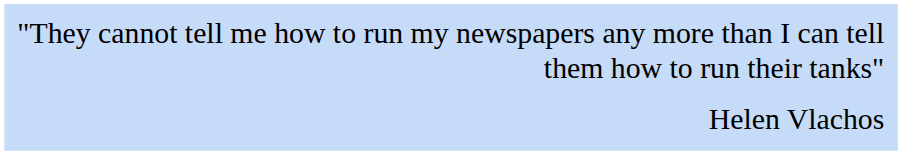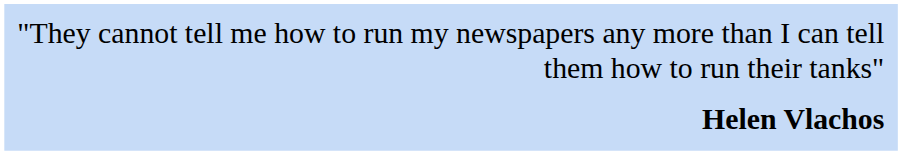 <table class="toccolours" style="float: right; margin-left: 1em; margin-right: 2em; font-size: 85%; background:#c6dbf7; color:black; width:30em; max-width: 40%;" cellspacing="5">
 <tr>
 <td style="text-align: right;">"They cannot tell me how to run my newspapers any more than I can tell them how to run their tanks"</td>
 </tr>
 <tr>
-<td style="text-align: right;">Helen Vlachos</td>
+<td style="text-align: right;"><strong>Helen Vlachos</strong></td>
 </tr>
 </table>
